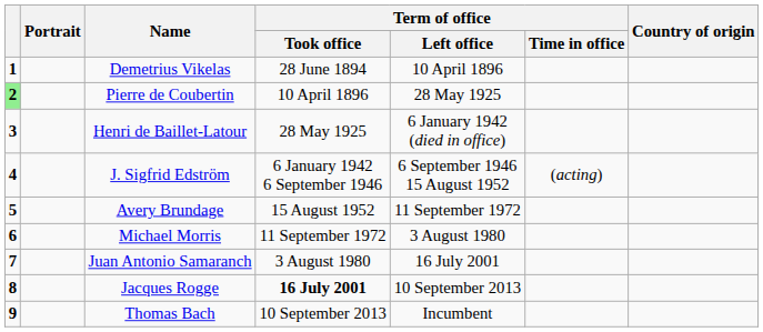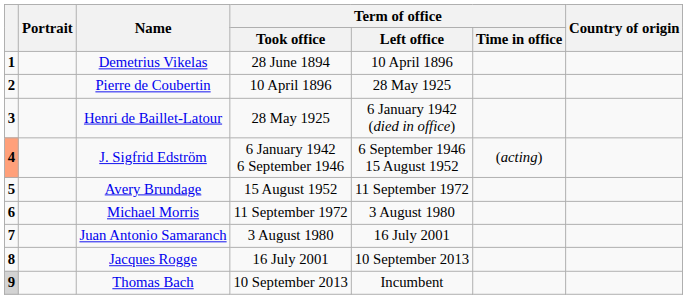 <table class="wikitable" style="text-align:center">
 <tr>
 <th rowspan=2></th>
 <th rowspan=2>Portrait</th>
 <th rowspan=2>Name<br></th>
 <th colspan=3>Term of office</th>
 <th rowspan=2>Country of origin</th>
 </tr>
 <tr>
 <th>Took office</th>
 <th>Left office</th>
 <th>Time in office</th>
 </tr>
 <tr>
 <td><strong>1</strong></td>
 <td></td>
 <td><a href='#'>Demetrius Vikelas</a><br></td>
 <td>28 June 1894</td>
 <td>10 April 1896</td>
 <td></td>
 <td></td>
 </tr>
 <tr>
-<td style="background: lightgreen;"><strong>2</strong></td>
+<td><strong>2</strong></td>
 <td></td>
 <td><a href='#'>Pierre de Coubertin</a><br></td>
 <td>10 April 1896</td>
 <td>28 May 1925</td>
 <td></td>
 <td></td>
 </tr>
 <tr>
 <td><strong>3</strong></td>
 <td></td>
 <td><a href='#'>Henri de Baillet-Latour</a><br></td>
 <td>28 May 1925</td>
 <td>6 January 1942 <br> (<em>died in office</em>)</td>
 <td></td>
 <td></td>
 </tr>
 <tr>
-<td><strong>4</strong></td>
+<td style="background: lightsalmon;"><strong>4</strong></td>
 <td></td>
 <td><a href='#'>J. Sigfrid Edström</a><br></td>
 <td>6 January 1942 <br> 6 September 1946</td>
 <td>6 September 1946 <br> 15 August 1952</td>
 <td> (<em>acting</em>) <br> </td>
 <td></td>
 </tr>
 <tr>
 <td><strong>5</strong></td>
 <td></td>
 <td><a href='#'>Avery Brundage</a><br></td>
 <td>15 August 1952</td>
 <td>11 September 1972</td>
 <td></td>
 <td></td>
 </tr>
 <tr>
 <td><strong>6</strong></td>
 <td></td>
 <td><a href='#'>Michael Morris</a><br></td>
 <td>11 September 1972</td>
 <td>3 August 1980</td>
 <td></td>
 <td></td>
 </tr>
 <tr>
 <td><strong>7</strong></td>
 <td></td>
 <td><a href='#'>Juan Antonio Samaranch</a><br></td>
 <td>3 August 1980</td>
 <td>16 July 2001</td>
 <td></td>
 <td></td>
 </tr>
 <tr>
 <td><strong>8</strong></td>
 <td></td>
 <td><a href='#'>Jacques Rogge</a><br></td>
-<td><strong>16 July 2001</strong></td>
+<td>16 July 2001</td>
 <td>10 September 2013</td>
 <td></td>
 <td></td>
 </tr>
 <tr>
-<td><strong>9</strong></td>
+<td style="background: lightgrey;"><strong>9</strong></td>
 <td></td>
 <td><a href='#'>Thomas Bach</a><br></td>
 <td>10 September 2013</td>
 <td>Incumbent</td>
 <td></td>
 <td></td>
 </tr>
 </table>
